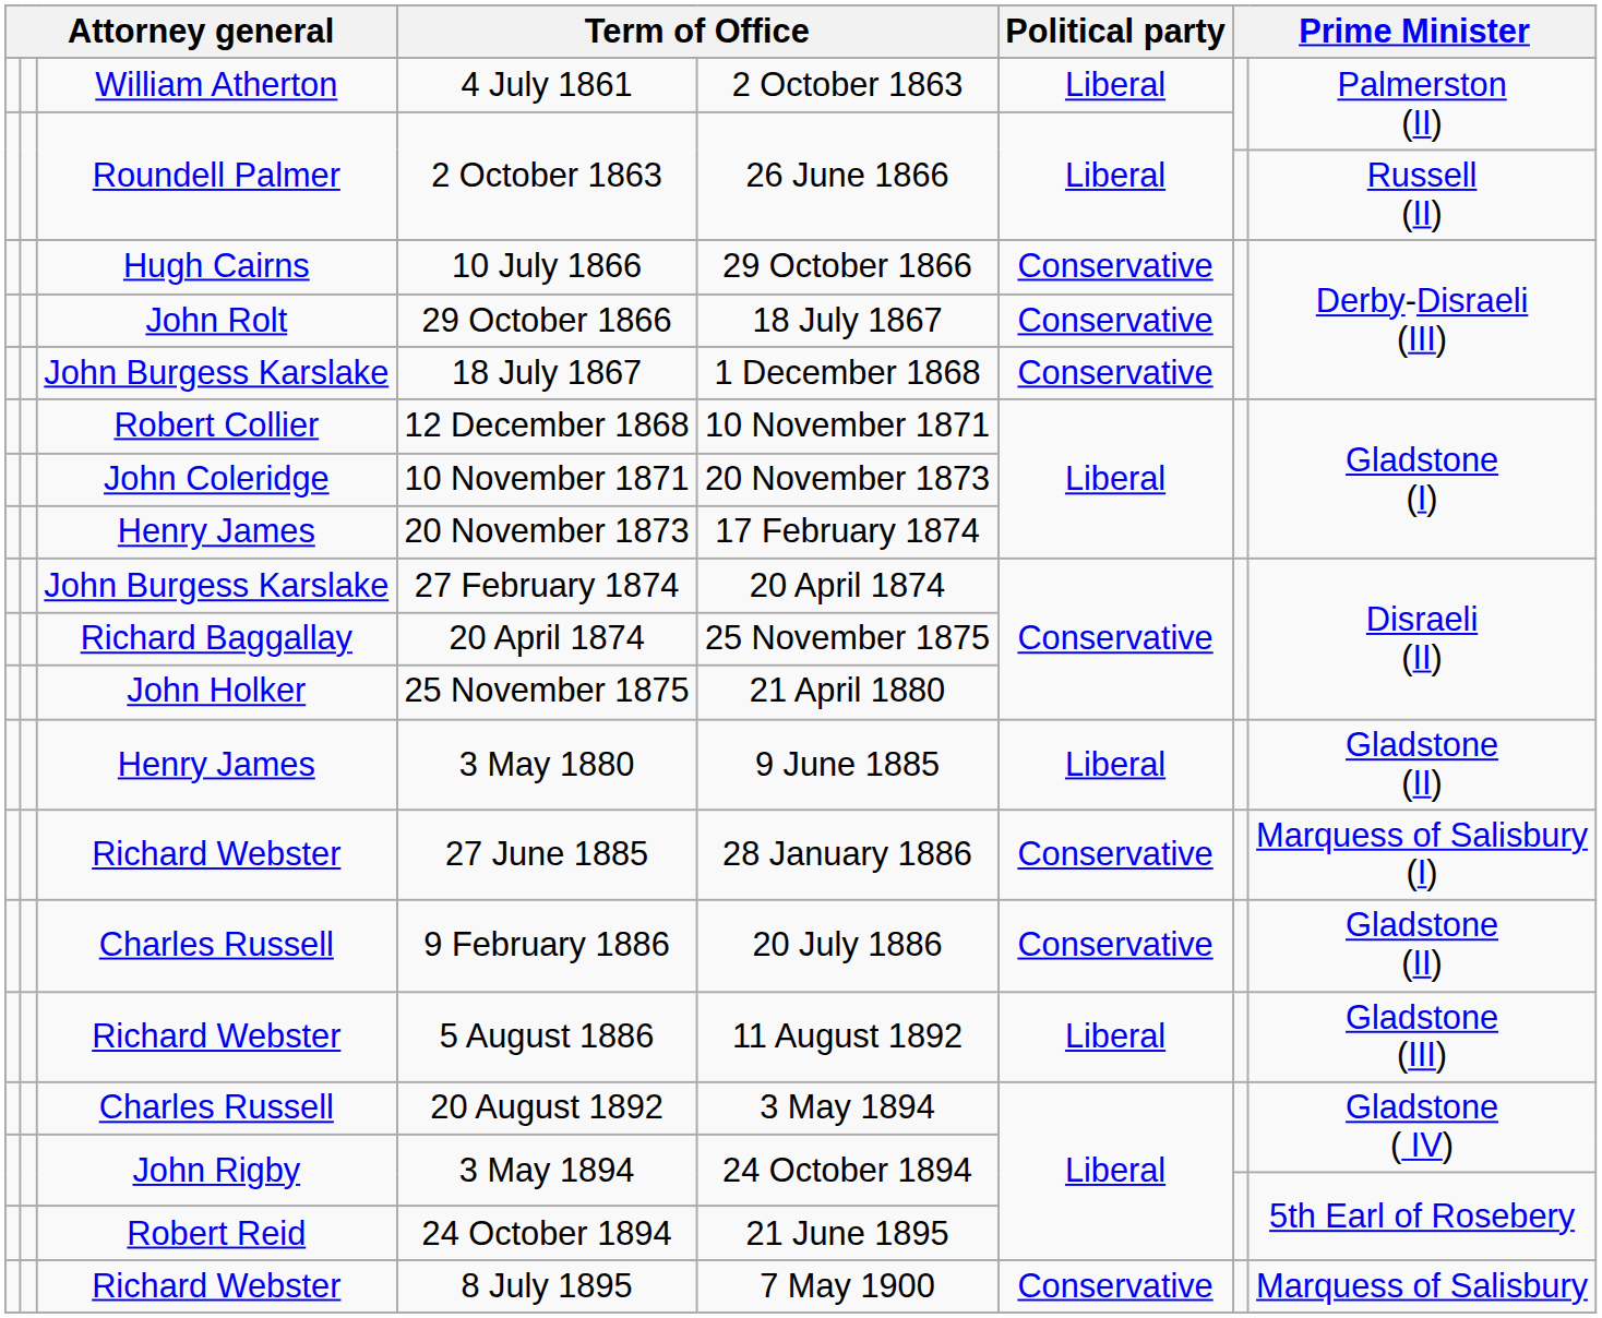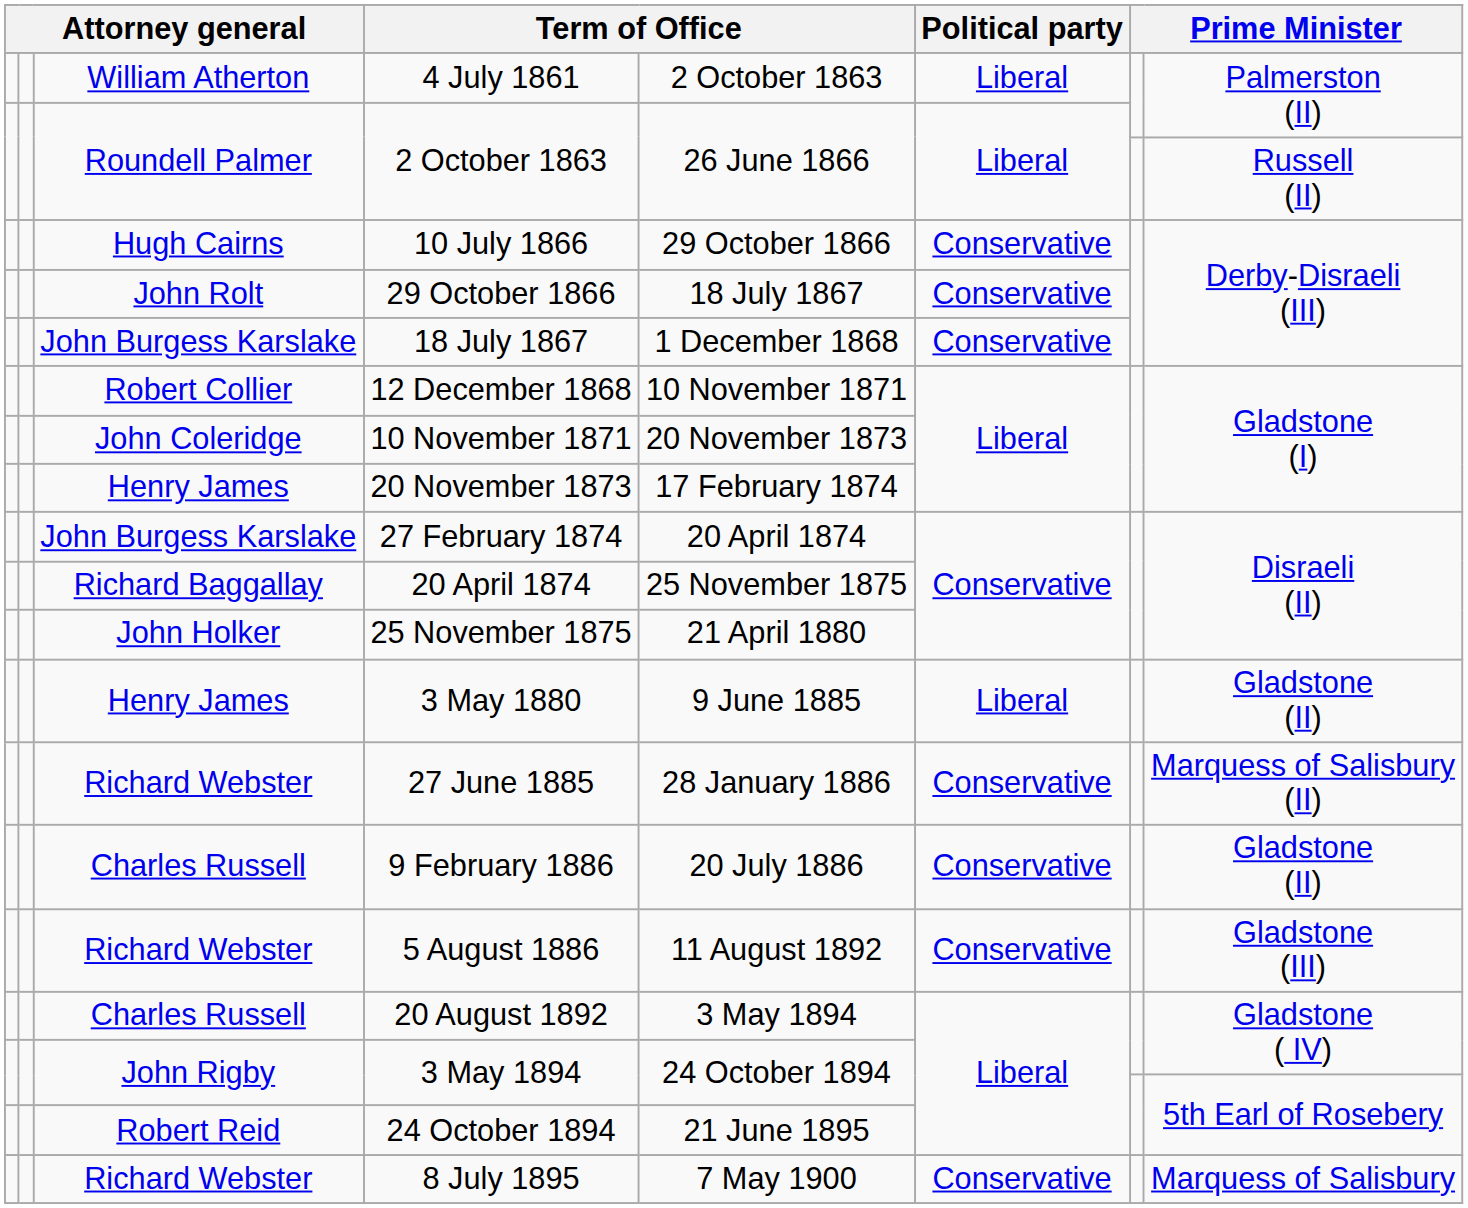 <table class="wikitable" style="text-align:center">
 <tr>
 <th colspan=3>Attorney general</th>
 <th colspan=2>Term of Office</th>
 <th>Political party</th>
 <th colspan=2><a href='#'>Prime Minister</a></th>
 </tr>
 <tr style="height:1em">
 <td style="background-color:"></td>
 <td></td>
 <td><a href='#'>William Atherton</a></td>
 <td>4 July 1861</td>
 <td>2 October 1863</td>
 <td><a href='#'>Liberal</a></td>
 <td rowspan=2 style="background-color:"></td>
 <td rowspan=2><a href='#'>Palmerston</a><br>(<a href='#'>II</a>)</td>
 </tr>
 <tr style="height:1em">
 <td rowspan=2 style="background-color:"></td>
 <td rowspan=2></td>
 <td rowspan=2><a href='#'>Roundell Palmer</a></td>
 <td rowspan=2>2 October 1863</td>
 <td rowspan=2>26 June 1866</td>
 <td rowspan=2><a href='#'>Liberal</a></td>
 </tr>
 <tr style="height:1em">
 <td style="background-color:"></td>
 <td><a href='#'>Russell</a><br>(<a href='#'>II</a>)</td>
 </tr>
 <tr style="height:1em">
 <td style="background-color:"></td>
 <td></td>
 <td><a href='#'>Hugh Cairns</a></td>
 <td>10 July 1866</td>
 <td>29 October 1866</td>
 <td><a href='#'>Conservative</a></td>
 <td rowspan=3 style="background-color:"></td>
 <td rowspan=3><a href='#'>Derby</a>-<a href='#'>Disraeli</a><br>(<a href='#'>III</a>)</td>
 </tr>
 <tr style="height:1em">
 <td style="background-color:"></td>
 <td></td>
 <td><a href='#'>John Rolt</a></td>
 <td>29 October 1866</td>
 <td>18 July 1867</td>
 <td><a href='#'>Conservative</a></td>
 </tr>
 <tr style="height:1em">
 <td style="background-color:"></td>
 <td></td>
 <td><a href='#'>John Burgess Karslake</a></td>
 <td>18 July 1867</td>
 <td>1 December 1868</td>
 <td><a href='#'>Conservative</a></td>
 </tr>
 <tr style="height:1em">
 <td style="background-color:"></td>
 <td></td>
 <td><a href='#'>Robert Collier</a></td>
 <td>12 December 1868</td>
 <td>10 November 1871</td>
 <td rowspan=3><a href='#'>Liberal</a></td>
 <td rowspan=3 style="background-color:"></td>
 <td rowspan=3><a href='#'>Gladstone</a><br>(<a href='#'>I</a>)</td>
 </tr>
 <tr style="height:1em">
 <td style="background-color:"></td>
 <td></td>
 <td><a href='#'>John Coleridge</a></td>
 <td>10 November 1871</td>
 <td>20 November 1873</td>
 </tr>
 <tr style="height:1em">
 <td style="background-color:"></td>
 <td></td>
 <td><a href='#'>Henry James</a></td>
 <td>20 November 1873</td>
 <td>17 February 1874</td>
 </tr>
 <tr style="height:1em">
 <td style="background-color:"></td>
 <td></td>
 <td><a href='#'>John Burgess Karslake</a></td>
 <td>27 February 1874</td>
 <td>20 April 1874</td>
 <td rowspan=3><a href='#'>Conservative</a></td>
 <td rowspan=3 style="background-color:"></td>
 <td rowspan=3><a href='#'>Disraeli</a><br>(<a href='#'>II</a>)</td>
 </tr>
 <tr style="height:1em">
 <td style="background-color:"></td>
 <td></td>
 <td><a href='#'>Richard Baggallay</a></td>
 <td>20 April 1874</td>
 <td>25 November 1875</td>
 </tr>
 <tr style="height:1em">
 <td style="background-color:"></td>
 <td></td>
 <td><a href='#'>John Holker</a></td>
 <td>25 November 1875</td>
 <td>21 April 1880</td>
 </tr>
 <tr style="height:1em">
 <td style="background-color:"></td>
 <td></td>
 <td><a href='#'>Henry James</a></td>
 <td>3 May 1880</td>
 <td>9 June 1885</td>
 <td><a href='#'>Liberal</a></td>
 <td style="background-color:"></td>
 <td><a href='#'>Gladstone</a><br>(<a href='#'>II</a>)</td>
 </tr>
 <tr style="height:1em">
 <td style="background-color:"></td>
 <td></td>
 <td><a href='#'>Richard Webster</a></td>
 <td>27 June 1885</td>
 <td>28 January 1886</td>
 <td><a href='#'>Conservative</a></td>
 <td style="background-color:"></td>
-<td><a href='#'>Marquess of Salisbury</a><br>(<a href='#'>I</a>)</td>
+<td><a href='#'>Marquess of Salisbury</a><br>(<a href='#'>II</a>)</td>
 </tr>
 <tr style="height:1em">
 <td style="background-color:"></td>
 <td></td>
 <td><a href='#'>Charles Russell</a></td>
 <td>9 February 1886</td>
 <td>20 July 1886</td>
 <td><a href='#'>Conservative</a></td>
 <td style="background-color:"></td>
 <td><a href='#'>Gladstone</a><br>(<a href='#'>II</a>)</td>
 </tr>
 <tr style="height:1em">
 <td style="background-color:"></td>
 <td></td>
 <td><a href='#'>Richard Webster</a></td>
 <td>5 August 1886</td>
 <td>11 August 1892</td>
-<td><a href='#'>Liberal</a></td>
+<td><a href='#'>Conservative</a></td>
 <td style="background-color:"></td>
 <td><a href='#'>Gladstone</a><br>(<a href='#'>III</a>)</td>
 </tr>
 <tr style="height:1em">
 <td style="background-color:"></td>
 <td></td>
 <td><a href='#'>Charles Russell</a></td>
 <td>20 August 1892</td>
 <td>3 May 1894</td>
 <td rowspan=4><a href='#'>Liberal</a></td>
 <td rowspan=2 style="background-color:"></td>
 <td rowspan=2><a href='#'>Gladstone</a><br>(<a href='#'> IV</a>)</td>
 </tr>
 <tr style="height:1em">
 <td rowspan=2 style="background-color:"></td>
 <td rowspan=2></td>
 <td rowspan=2><a href='#'>John Rigby</a></td>
 <td rowspan=2>3 May 1894</td>
 <td rowspan=2>24 October 1894</td>
 </tr>
 <tr style="height:1em">
 <td rowspan=2 style="background-color:"></td>
 <td rowspan=2><a href='#'>5th Earl of Rosebery</a></td>
 </tr>
 <tr style="height:1em">
 <td style="background-color:"></td>
 <td></td>
 <td><a href='#'>Robert Reid</a></td>
 <td>24 October 1894</td>
 <td>21 June 1895</td>
 </tr>
 <tr style="height:1em">
 <td style="background-color:"></td>
 <td></td>
 <td><a href='#'>Richard Webster</a></td>
 <td>8 July 1895</td>
 <td>7 May 1900</td>
 <td><a href='#'>Conservative</a></td>
 <td style="background-Color:"></td>
 <td><a href='#'>Marquess of Salisbury</a><br></td>
 </tr>
 </table>
